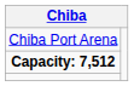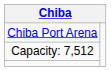 <table class="wikitable" style="text-align:center;margin:1em auto;">
 <tr>
 <th colspan=2><a href='#'>Chiba</a></th>
 </tr>
 <tr>
 <td><a href='#'>Chiba Port Arena</a></td>
 <td rowspan=3></td>
 </tr>
 <tr>
-<td><strong>Capacity: 7,512</strong></td>
+<td>Capacity: 7,512</td>
 </tr>
 <tr>
 <td></td>
 </tr>
 </table>
